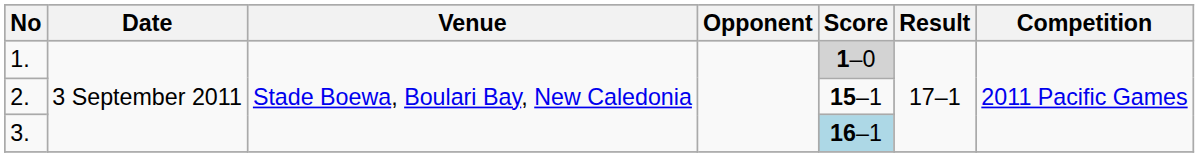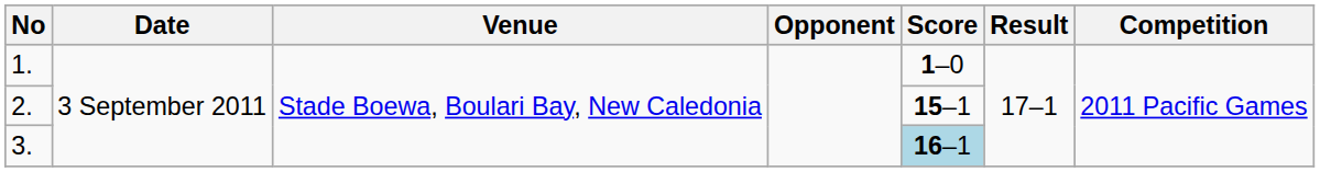 <table class="wikitable" style="font-size:85%;">
 <tr>
 <th>No</th>
 <th>Date</th>
 <th>Venue</th>
 <th>Opponent</th>
 <th>Score</th>
 <th>Result</th>
 <th>Competition</th>
 </tr>
 <tr>
 <td>1.</td>
 <td rowspan="3">3 September 2011</td>
 <td rowspan="3"><a href='#'>Stade Boewa</a>, <a href='#'>Boulari Bay</a>, <a href='#'>New Caledonia</a></td>
 <td rowspan="3"></td>
-<td align=center style="background: lightgrey;"><strong>1</strong>–0</td>
+<td align=center><strong>1</strong>–0</td>
 <td rowspan="3" style="text-align:center">17–1</td>
 <td rowspan="3"><a href='#'>2011 Pacific Games</a></td>
 </tr>
 <tr>
 <td>2.</td>
 <td align=center><strong>15</strong>–1</td>
 </tr>
 <tr>
 <td>3.</td>
 <td align=center style="background: lightblue;"><strong>16</strong>–1</td>
 </tr>
 </table>
